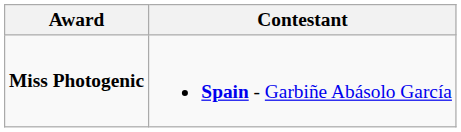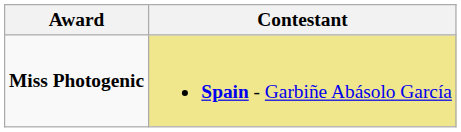 <table class="wikitable" border="1">
 <tr>
 <th>Award</th>
 <th>Contestant</th>
 </tr>
 <tr>
 <td><strong>Miss Photogenic</strong></td>
-<td><br><ul><li><strong> <a href='#'>Spain</a></strong> - <a href='#'>Garbiñe Abásolo García</a></li></ul></td>
+<td style="background: khaki;"><br><ul><li><strong> <a href='#'>Spain</a></strong> - <a href='#'>Garbiñe Abásolo García</a></li></ul></td>
 </tr>
 </table>
